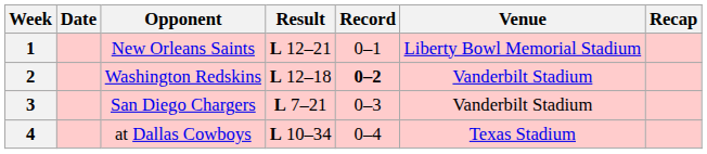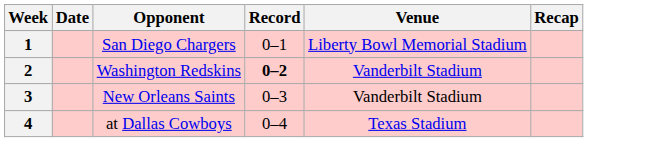 <table class="wikitable" style="text-align:center">
 <tr>
 <th>Week</th>
 <th>Date</th>
 <th>Opponent</th>
-<th>Result</th>
 <th>Record</th>
 <th>Venue</th>
 <th>Recap</th>
 </tr>
 <tr style="background:#fcc">
 <th>1</th>
 <td></td>
-<td><a href='#'>New Orleans Saints</a></td>
-<td><strong>L</strong> 12–21</td>
+<td><a href='#'>San Diego Chargers</a></td>
 <td>0–1</td>
 <td><a href='#'>Liberty Bowl Memorial Stadium</a></td>
 <td></td>
 </tr>
 <tr style="background:#fcc;">
 <th>2</th>
 <td></td>
 <td><a href='#'>Washington Redskins</a></td>
-<td><strong>L</strong> 12–18</td>
 <td><strong>0–2</strong></td>
 <td><a href='#'>Vanderbilt Stadium</a></td>
 <td></td>
 </tr>
 <tr style="background:#fcc">
 <th>3</th>
 <td></td>
-<td><a href='#'>San Diego Chargers</a></td>
-<td><strong>L</strong> 7–21</td>
+<td><a href='#'>New Orleans Saints</a></td>
 <td>0–3</td>
 <td>Vanderbilt Stadium</td>
 <td></td>
 </tr>
 <tr style="background:#fcc;">
 <th>4</th>
 <td></td>
 <td>at <a href='#'>Dallas Cowboys</a></td>
-<td><strong>L</strong> 10–34</td>
 <td>0–4</td>
 <td><a href='#'>Texas Stadium</a></td>
 <td></td>
 </tr>
 </table>
